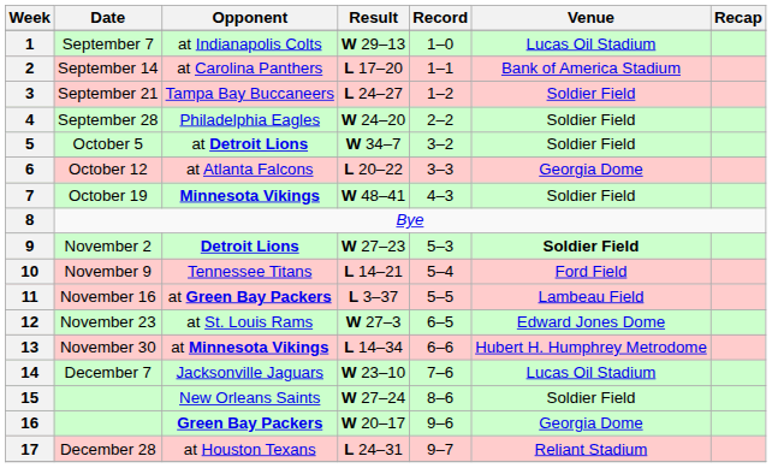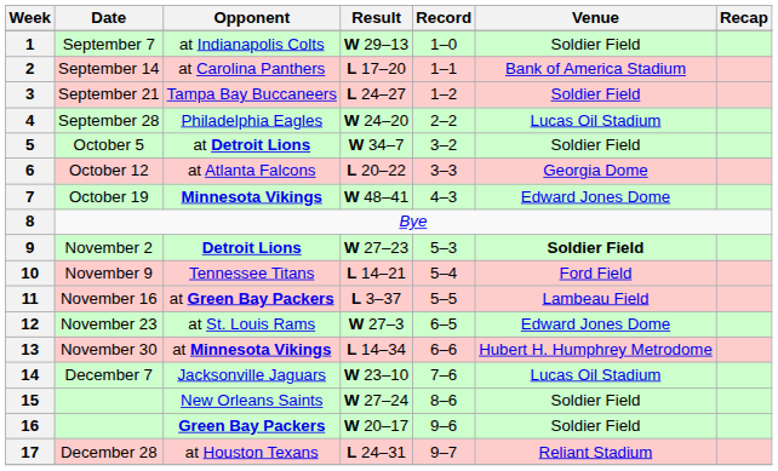 <table class="wikitable" style="text-align:center">
 <tr>
 <th>Week</th>
 <th>Date</th>
 <th>Opponent</th>
 <th>Result</th>
 <th>Record</th>
 <th>Venue</th>
 <th>Recap</th>
 </tr>
 <tr>
 </tr>
 <tr style="background:#cfc">
 <th>1</th>
 <td>September 7</td>
 <td>at <a href='#'>Indianapolis Colts</a></td>
 <td><strong>W</strong> 29–13</td>
 <td>1–0</td>
-<td><a href='#'>Lucas Oil Stadium</a></td>
+<td>Soldier Field</td>
 <td></td>
 </tr>
 <tr style="background:#fcc">
 <th>2</th>
 <td>September 14</td>
 <td>at <a href='#'>Carolina Panthers</a></td>
 <td><strong>L</strong> 17–20</td>
 <td>1–1</td>
 <td><a href='#'>Bank of America Stadium</a></td>
 <td></td>
 </tr>
 <tr style="background:#fcc">
 <th>3</th>
 <td>September 21</td>
 <td><a href='#'>Tampa Bay Buccaneers</a></td>
 <td><strong>L</strong> 24–27 </td>
 <td>1–2</td>
 <td><a href='#'>Soldier Field</a></td>
 <td></td>
 </tr>
 <tr style="background:#cfc">
 <th>4</th>
 <td>September 28</td>
 <td><a href='#'>Philadelphia Eagles</a></td>
 <td><strong>W</strong> 24–20</td>
 <td>2–2</td>
-<td>Soldier Field</td>
+<td><a href='#'>Lucas Oil Stadium</a></td>
 <td></td>
 </tr>
 <tr style="background:#cfc">
 <th>5</th>
 <td>October 5</td>
 <td>at <strong><a href='#'>Detroit Lions</a></strong></td>
 <td><strong>W</strong> 34–7</td>
 <td>3–2</td>
 <td>Soldier Field</td>
 <td></td>
 </tr>
 <tr style="background:#fcc">
 <th>6</th>
 <td>October 12</td>
 <td>at <a href='#'>Atlanta Falcons</a></td>
 <td><strong>L</strong> 20–22</td>
 <td>3–3</td>
 <td><a href='#'>Georgia Dome</a></td>
 <td></td>
 </tr>
 <tr style="background:#cfc">
 <th>7</th>
 <td>October 19</td>
 <td><strong><a href='#'> Minnesota Vikings</a></strong></td>
 <td><strong>W</strong> 48–41</td>
 <td>4–3</td>
-<td>Soldier Field</td>
+<td><a href='#'>Edward Jones Dome</a></td>
 <td></td>
 </tr>
 <tr>
 <th style="text-align:center;">8</th>
 <td colspan="6"  style="text-align:center; vertical-align:middle;"><em><a href='#'>Bye</a></em></td>
 </tr>
 <tr style="background:#cfc; text-align:center;">
 <th>9</th>
 <td>November 2</td>
 <td><strong><a href='#'>Detroit Lions</a></strong></td>
 <td><strong>W</strong> 27–23</td>
 <td>5–3</td>
 <td><strong>Soldier Field</strong></td>
 <td></td>
 </tr>
 <tr style="background:#fcc">
 <th>10</th>
 <td>November 9</td>
 <td><a href='#'>Tennessee Titans</a></td>
 <td><strong>L</strong> 14–21</td>
 <td>5–4</td>
 <td><a href='#'>Ford Field</a></td>
 <td></td>
 </tr>
 <tr style="background:#fcc">
 <th>11</th>
 <td>November 16</td>
 <td>at <strong><a href='#'>Green Bay Packers</a></strong></td>
 <td><strong>L</strong> 3–37</td>
 <td>5–5</td>
 <td><a href='#'>Lambeau Field</a></td>
 <td></td>
 </tr>
 <tr style="background:#cfc">
 <th>12</th>
 <td>November 23</td>
 <td>at <a href='#'>St. Louis Rams</a></td>
 <td><strong>W</strong> 27–3</td>
 <td>6–5</td>
 <td><a href='#'>Edward Jones Dome</a></td>
 <td></td>
 </tr>
 <tr style="background:#fcc">
 <th>13</th>
 <td>November 30</td>
 <td>at <strong><a href='#'>Minnesota Vikings</a></strong></td>
 <td><strong>L</strong> 14–34</td>
 <td>6–6</td>
 <td><a href='#'>Hubert H. Humphrey Metrodome</a></td>
 <td></td>
 </tr>
 <tr style="background:#cfc">
 <th>14</th>
 <td>December 7</td>
 <td><a href='#'>Jacksonville Jaguars</a></td>
 <td><strong>W</strong> 23–10</td>
 <td>7–6</td>
 <td><a href='#'>Lucas Oil Stadium</a></td>
 <td></td>
 </tr>
 <tr style="background:#cfc">
 <th>15</th>
 <td></td>
 <td><a href='#'>New Orleans Saints</a></td>
 <td><strong>W</strong> 27–24 </td>
 <td>8–6</td>
 <td>Soldier Field</td>
 <td></td>
 </tr>
 <tr style="background:#cfc">
 <th>16</th>
 <td></td>
 <td><strong><a href='#'>Green Bay Packers</a></strong></td>
 <td><strong>W</strong> 20–17 </td>
 <td>9–6</td>
-<td><a href='#'>Georgia Dome</a></td>
+<td>Soldier Field</td>
 <td></td>
 </tr>
 <tr style="background:#fcc">
 <th>17</th>
 <td>December 28</td>
 <td>at <a href='#'>Houston Texans</a></td>
 <td><strong>L</strong> 24–31</td>
 <td>9–7</td>
 <td><a href='#'>Reliant Stadium</a></td>
 <td></td>
 </tr>
 <tr>
 </tr>
 </table>
